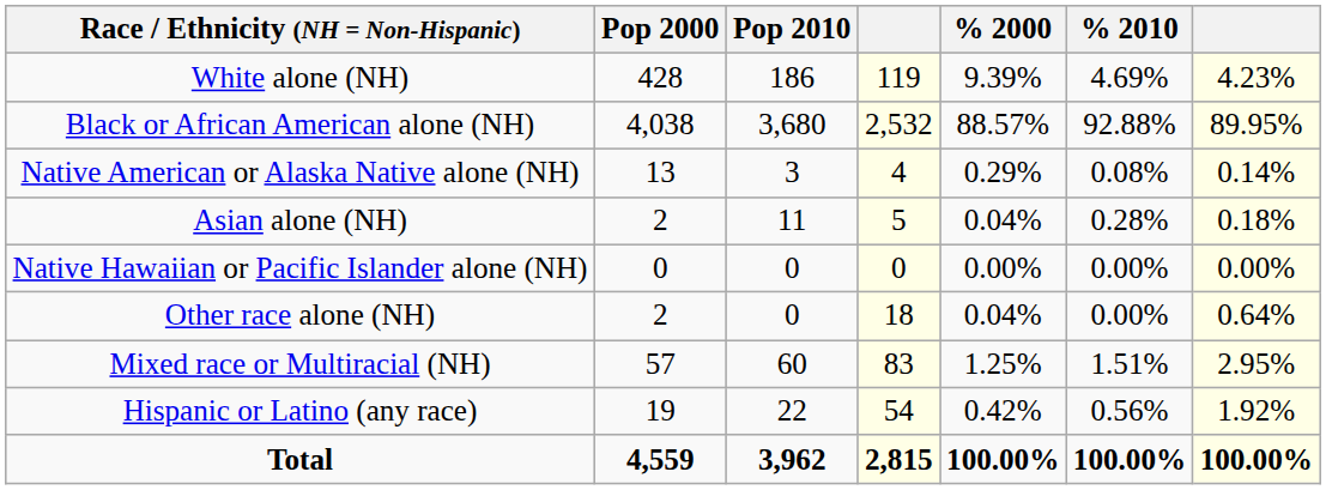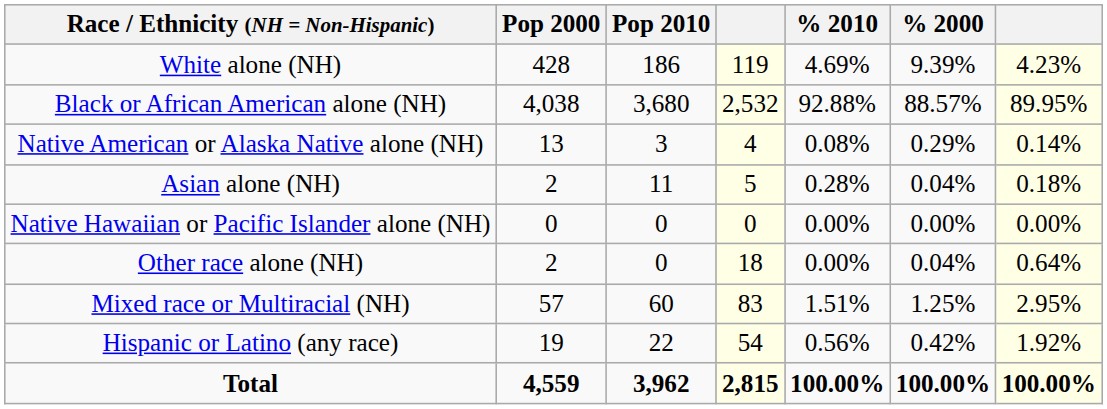 <table class="wikitable" style="text-align:center;">
 <tr>
 <th>Race / Ethnicity <small>(<em>NH = Non-Hispanic</em>)</small></th>
 <th>Pop 2000</th>
 <th>Pop 2010</th>
 <th></th>
+<th>% 2010</th>
 <th>% 2000</th>
-<th>% 2010</th>
 <th></th>
 </tr>
 <tr>
 <td><a href='#'>White</a> alone (NH)</td>
 <td>428</td>
 <td>186</td>
 <td style='background: #ffffe6;'>119</td>
+<td>4.69%</td>
 <td>9.39%</td>
-<td>4.69%</td>
 <td style='background: #ffffe6;'>4.23%</td>
 </tr>
 <tr>
 <td><a href='#'>Black or African American</a> alone (NH)</td>
 <td>4,038</td>
 <td>3,680</td>
 <td style='background: #ffffe6;'>2,532</td>
+<td>92.88%</td>
 <td>88.57%</td>
-<td>92.88%</td>
 <td style='background: #ffffe6;'>89.95%</td>
 </tr>
 <tr>
 <td><a href='#'>Native American</a> or <a href='#'>Alaska Native</a> alone (NH)</td>
 <td>13</td>
 <td>3</td>
 <td style='background: #ffffe6;'>4</td>
+<td>0.08%</td>
 <td>0.29%</td>
-<td>0.08%</td>
 <td style='background: #ffffe6;'>0.14%</td>
 </tr>
 <tr>
 <td><a href='#'>Asian</a> alone (NH)</td>
 <td>2</td>
 <td>11</td>
 <td style='background: #ffffe6;'>5</td>
+<td>0.28%</td>
 <td>0.04%</td>
-<td>0.28%</td>
 <td style='background: #ffffe6;'>0.18%</td>
 </tr>
 <tr>
 <td><a href='#'>Native Hawaiian</a> or <a href='#'>Pacific Islander</a> alone (NH)</td>
 <td>0</td>
 <td>0</td>
 <td style='background: #ffffe6;'>0</td>
 <td>0.00%</td>
 <td>0.00%</td>
 <td style='background: #ffffe6;'>0.00%</td>
 </tr>
 <tr>
 <td><a href='#'>Other race</a> alone (NH)</td>
 <td>2</td>
 <td>0</td>
 <td style='background: #ffffe6;'>18</td>
+<td>0.00%</td>
 <td>0.04%</td>
-<td>0.00%</td>
 <td style='background: #ffffe6;'>0.64%</td>
 </tr>
 <tr>
 <td><a href='#'>Mixed race or Multiracial</a> (NH)</td>
 <td>57</td>
 <td>60</td>
 <td style='background: #ffffe6;'>83</td>
+<td>1.51%</td>
 <td>1.25%</td>
-<td>1.51%</td>
 <td style='background: #ffffe6;'>2.95%</td>
 </tr>
 <tr>
 <td><a href='#'>Hispanic or Latino</a> (any race)</td>
 <td>19</td>
 <td>22</td>
 <td style='background: #ffffe6;'>54</td>
+<td>0.56%</td>
 <td>0.42%</td>
-<td>0.56%</td>
 <td style='background: #ffffe6;'>1.92%</td>
 </tr>
 <tr>
 <td><strong>Total</strong></td>
 <td><strong>4,559</strong></td>
 <td><strong>3,962</strong></td>
 <td style='background: #ffffe6;'><strong>2,815</strong></td>
 <td><strong>100.00%</strong></td>
 <td><strong>100.00%</strong></td>
 <td style='background: #ffffe6;'><strong>100.00%</strong></td>
 </tr>
 </table>
